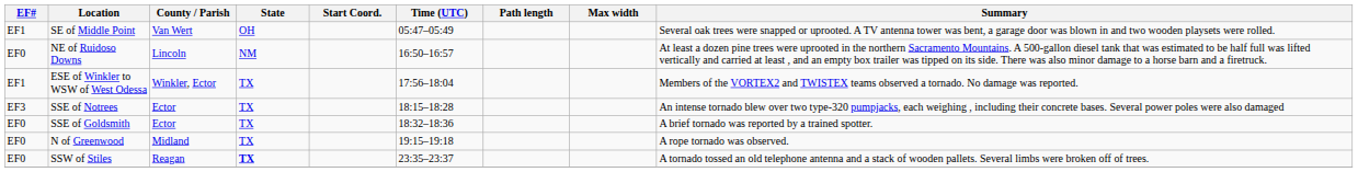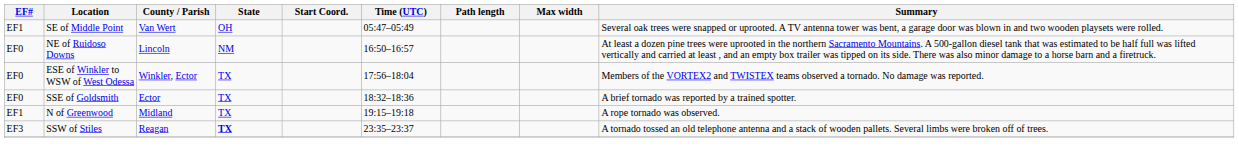 <table class="wikitable sortable" style="width:100%;">
 <tr>
 <th scope="col"  style="width:3%; text-align:center;"><a href='#'>EF#</a></th>
 <th scope="col"  style="width:7%; text-align:center;" class="unsortable">Location</th>
 <th scope="col"  style="width:6%; text-align:center;" class="unsortable">County / Parish</th>
 <th scope="col"  style="width:5%; text-align:center;">State</th>
 <th scope="col"  style="width:6%; text-align:center;">Start Coord.</th>
 <th scope="col"  style="width:6%; text-align:center;">Time (<a href='#'>UTC</a>)</th>
 <th scope="col"  style="width:6%; text-align:center;">Path length</th>
 <th scope="col"  style="width:6%; text-align:center;">Max width</th>
 <th scope="col" class="unsortable" style="width:48%; text-align:center;">Summary</th>
 </tr>
 <tr>
 <td>EF1</td>
 <td>SE of <a href='#'>Middle Point</a></td>
 <td><a href='#'>Van Wert</a></td>
 <td><a href='#'>OH</a></td>
 <td></td>
 <td>05:47–05:49</td>
 <td></td>
 <td></td>
 <td>Several oak trees were snapped or uprooted. A TV antenna tower was bent, a garage door was blown in and two wooden playsets were rolled.</td>
 </tr>
 <tr>
 <td>EF0</td>
 <td>NE of <a href='#'>Ruidoso Downs</a></td>
 <td><a href='#'>Lincoln</a></td>
 <td><a href='#'>NM</a></td>
 <td></td>
 <td>16:50–16:57</td>
 <td></td>
 <td></td>
 <td>At least a dozen pine trees were uprooted in the northern <a href='#'>Sacramento Mountains</a>. A 500-gallon diesel tank that was estimated to be half full was lifted vertically and carried at least , and an empty box trailer was tipped on its side. There was also minor damage to a horse barn and a firetruck.</td>
 </tr>
 <tr>
-<td>EF1</td>
+<td>EF0</td>
 <td>ESE of <a href='#'>Winkler</a> to WSW of <a href='#'>West Odessa</a></td>
 <td><a href='#'>Winkler</a>, <a href='#'>Ector</a></td>
 <td><a href='#'>TX</a></td>
 <td></td>
 <td>17:56–18:04</td>
 <td></td>
 <td></td>
 <td>Members of the <a href='#'>VORTEX2</a> and <a href='#'>TWISTEX</a> teams observed a tornado. No damage was reported.</td>
-</tr>
-<tr>
-<td>EF3</td>
-<td>SSE of <a href='#'>Notrees</a></td>
-<td><a href='#'>Ector</a></td>
-<td><a href='#'>TX</a></td>
-<td></td>
-<td>18:15–18:28</td>
-<td></td>
-<td></td>
-<td>An intense tornado blew over two type-320 <a href='#'>pumpjacks</a>, each weighing , including their concrete bases. Several power poles were also damaged</td>
 </tr>
 <tr>
 <td>EF0</td>
 <td>SSE of <a href='#'>Goldsmith</a></td>
 <td><a href='#'>Ector</a></td>
 <td><a href='#'>TX</a></td>
 <td></td>
 <td>18:32–18:36</td>
 <td></td>
 <td></td>
 <td>A brief tornado was reported by a trained spotter.</td>
 </tr>
 <tr>
-<td>EF0</td>
+<td>EF1</td>
 <td>N of <a href='#'>Greenwood</a></td>
 <td><a href='#'>Midland</a></td>
 <td><a href='#'>TX</a></td>
 <td></td>
 <td>19:15–19:18</td>
 <td></td>
 <td></td>
 <td>A rope tornado was observed.</td>
 </tr>
 <tr>
-<td>EF0</td>
+<td>EF3</td>
 <td>SSW of <a href='#'>Stiles</a></td>
 <td><a href='#'>Reagan</a></td>
 <td><strong><a href='#'>TX</a></strong></td>
 <td></td>
 <td>23:35–23:37</td>
 <td></td>
 <td></td>
 <td>A tornado tossed an old telephone antenna and a stack of wooden pallets. Several limbs were broken off of trees.</td>
 </tr>
 <tr>
 </tr>
 </table>
